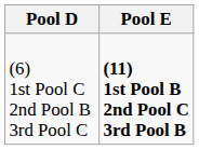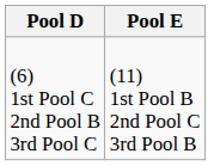 <table class="wikitable">
 <tr>
 <th width=50%>Pool D</th>
 <th width=50%>Pool E</th>
 </tr>
 <tr>
 <td><br> (6)<br> 1st Pool C<br> 2nd Pool B<br> 3rd Pool C</td>
-<td><strong><br> (11)<br> 1st Pool B<br> 2nd Pool C<br> 3rd Pool B</strong></td>
+<td><br> (11)<br> 1st Pool B<br> 2nd Pool C<br> 3rd Pool B</td>
 </tr>
 </table>
